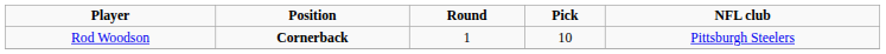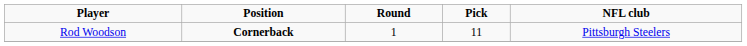 <table class="wikitable" width="80%">
 <tr align="center">
 <td><strong>Player</strong></td>
 <td><strong>Position</strong></td>
 <td><strong>Round</strong></td>
 <td><strong>Pick</strong></td>
 <td><strong>NFL club</strong></td>
 </tr>
 <tr align="center" bgcolor="">
 <td><a href='#'>Rod Woodson</a></td>
 <td><strong>Cornerback</strong></td>
 <td>1</td>
-<td>10</td>
+<td>11</td>
 <td><a href='#'>Pittsburgh Steelers</a></td>
 </tr>
 <tr align="center" bgcolor="">
 </tr>
 </table>
